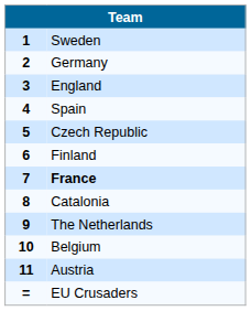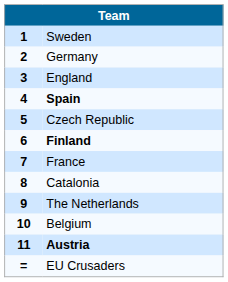 <table align=center cellpadding="4" cellspacing="0" style="background: #f9f9f9; border: 1px #aaa solid; border-collapse: collapse; font-size: 90%;" width=20%>
 <tr align=center bgcolor=#006699 style="color:white;">
 <th width=100% colspan=2>Team</th>
 </tr>
 <tr align=center bgcolor=#D0E7FF>
 <td><strong>1</strong></td>
 <td align=left> Sweden</td>
 </tr>
 <tr align=center bgcolor=#F5FAFF>
 <td><strong>2</strong></td>
 <td align=left> Germany</td>
 </tr>
 <tr align=center bgcolor=#D0E7FF>
 <td><strong>3</strong></td>
 <td align=left> England</td>
 </tr>
 <tr align=center bgcolor=#F5FAFF>
 <td><strong>4</strong></td>
-<td align=left> Spain</td>
+<td align=left><strong> Spain</strong></td>
 </tr>
 <tr align=center bgcolor=#D0E7FF>
 <td><strong>5</strong></td>
 <td align=left> Czech Republic</td>
 </tr>
 <tr align=center bgcolor=#F5FAFF>
 <td><strong>6</strong></td>
-<td align=left> Finland</td>
+<td align=left><strong> Finland</strong></td>
 </tr>
 <tr align=center bgcolor=#D0E7FF>
 <td><strong>7</strong></td>
-<td align=left><strong> France</strong></td>
+<td align=left> France</td>
 </tr>
 <tr align=center bgcolor=#F5FAFF>
 <td><strong>8</strong></td>
 <td align=left> Catalonia</td>
 </tr>
 <tr align=center bgcolor=#D0E7FF>
 <td><strong>9</strong></td>
 <td align=left> The Netherlands</td>
 </tr>
 <tr align=center bgcolor=#F5FAFF>
 <td><strong>10</strong></td>
 <td align=left> Belgium</td>
 </tr>
 <tr align=center bgcolor=#D0E7FF>
 <td><strong>11</strong></td>
-<td align=left> Austria</td>
+<td align=left><strong> Austria</strong></td>
 </tr>
 <tr align=center bgcolor=#F5FAFF>
 <td><strong>=</strong></td>
 <td align=left> EU Crusaders</td>
 </tr>
 </table>
